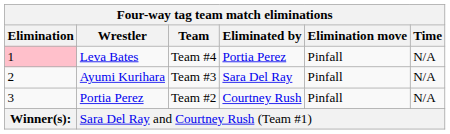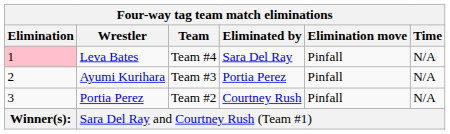 <table class="wikitable" border="1">
 <tr>
 <th colspan="6">Four-way tag team match eliminations</th>
 </tr>
 <tr>
 <th>Elimination</th>
 <th>Wrestler</th>
 <th>Team</th>
 <th>Eliminated by</th>
 <th>Elimination move</th>
 <th>Time</th>
 </tr>
 <tr>
 <td style="background: pink;">1</td>
 <td><a href='#'>Leva Bates</a></td>
 <td>Team #4</td>
-<td><a href='#'>Portia Perez</a></td>
+<td><a href='#'>Sara Del Ray</a></td>
 <td>Pinfall</td>
 <td>N/A</td>
 </tr>
 <tr>
 <td>2</td>
 <td><a href='#'>Ayumi Kurihara</a></td>
 <td>Team #3</td>
-<td><a href='#'>Sara Del Ray</a></td>
+<td><a href='#'>Portia Perez</a></td>
 <td>Pinfall</td>
 <td>N/A</td>
 </tr>
 <tr>
 <td>3</td>
 <td><a href='#'>Portia Perez</a></td>
 <td>Team #2</td>
 <td><a href='#'>Courtney Rush</a></td>
 <td>Pinfall</td>
 <td>N/A</td>
 </tr>
 <tr>
 <th>Winner(s):</th>
 <td colspan="5" bgcolor="#f2f2f2"><a href='#'>Sara Del Ray</a> and <a href='#'>Courtney Rush</a> (Team #1)</td>
 </tr>
 </table>
